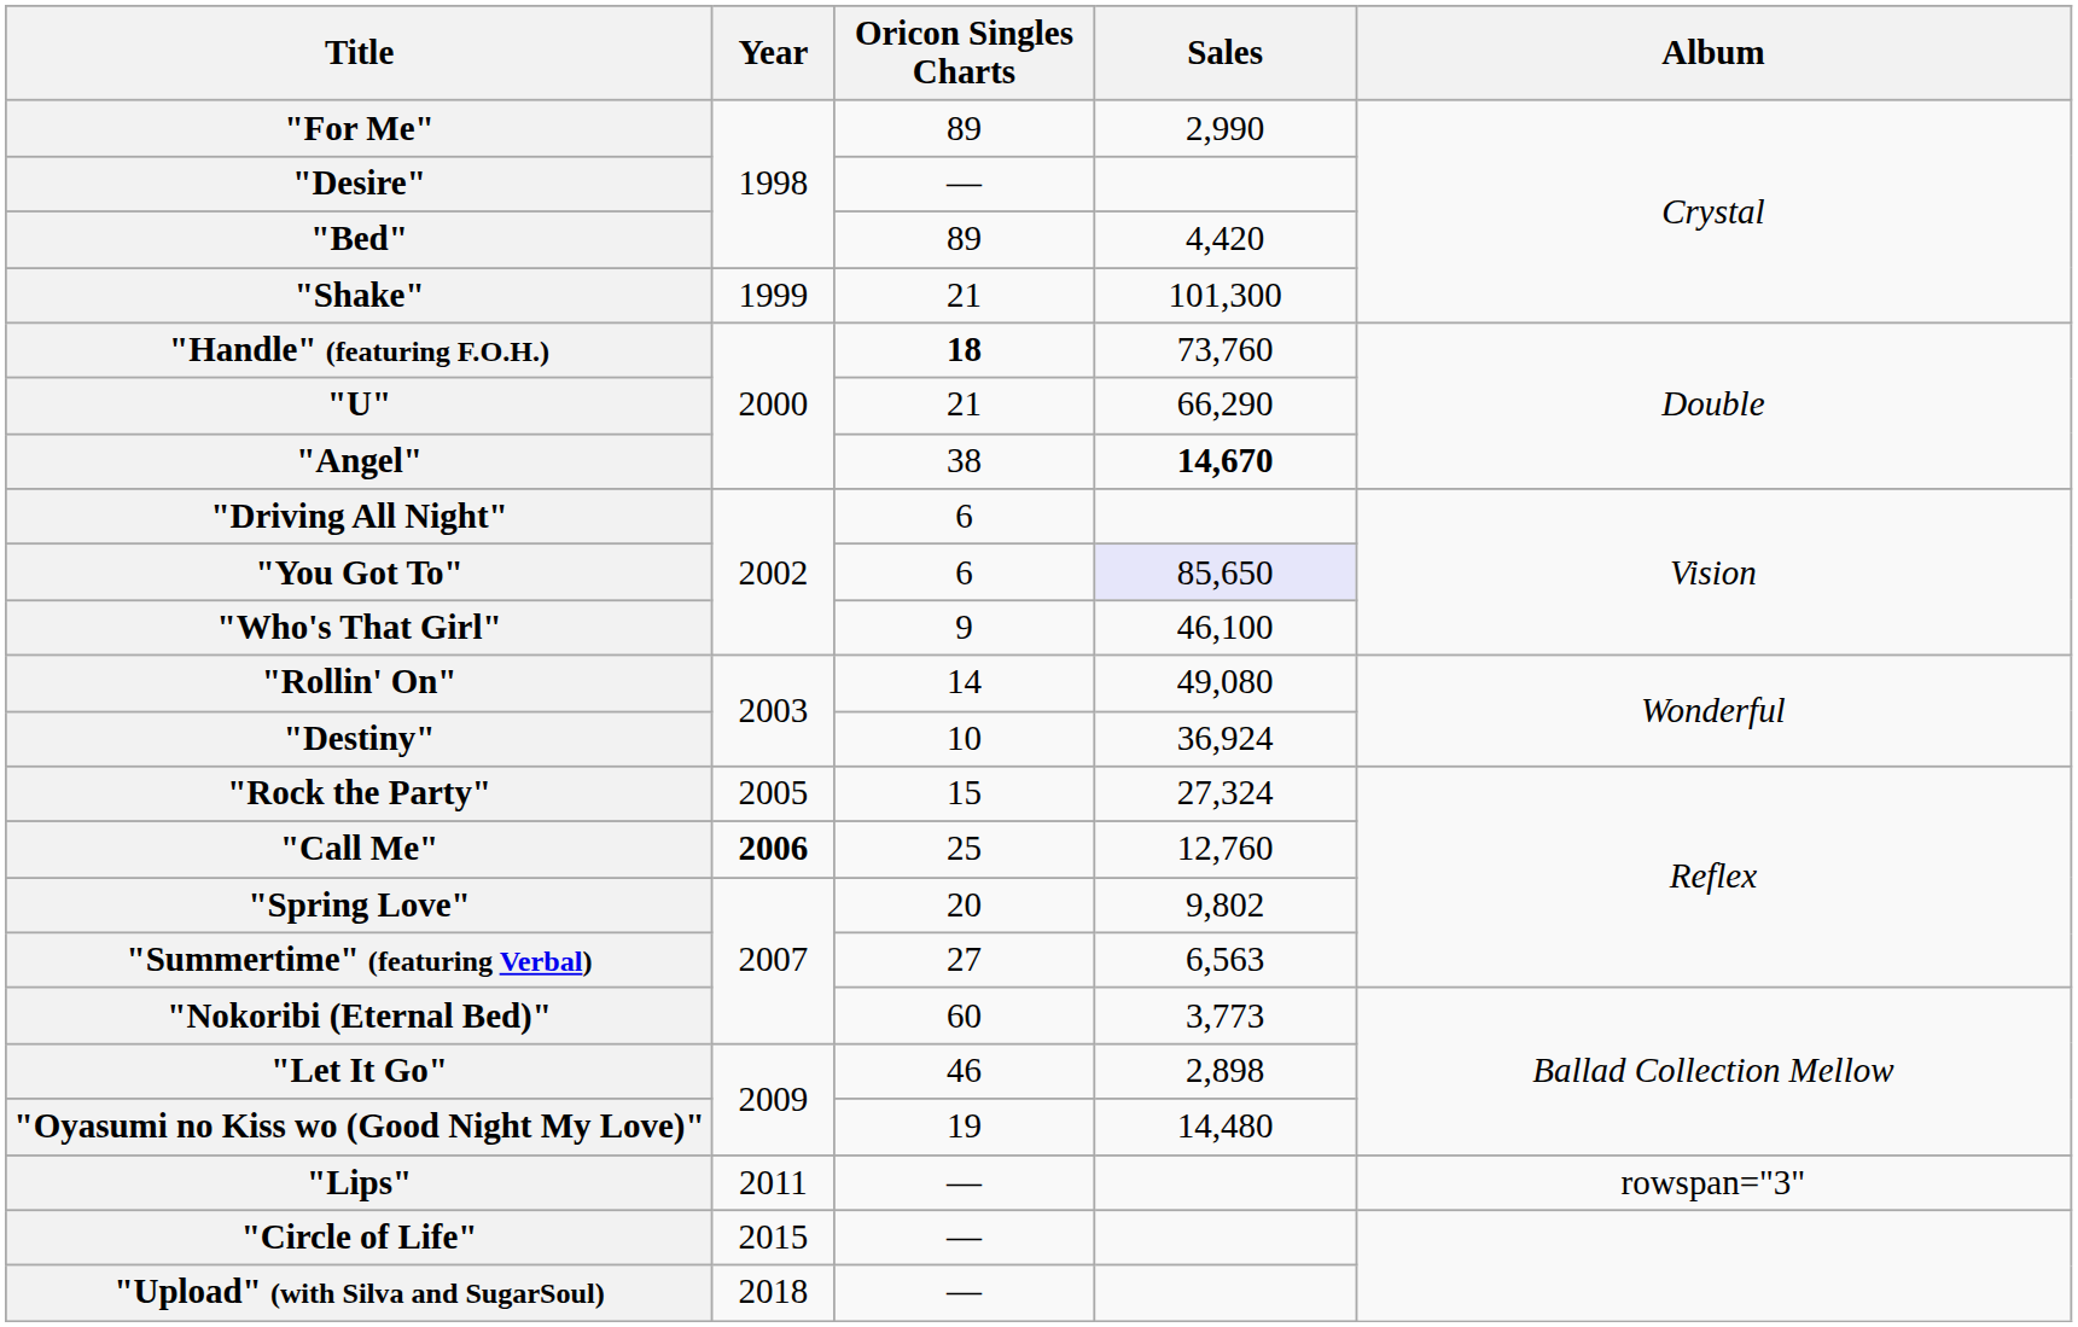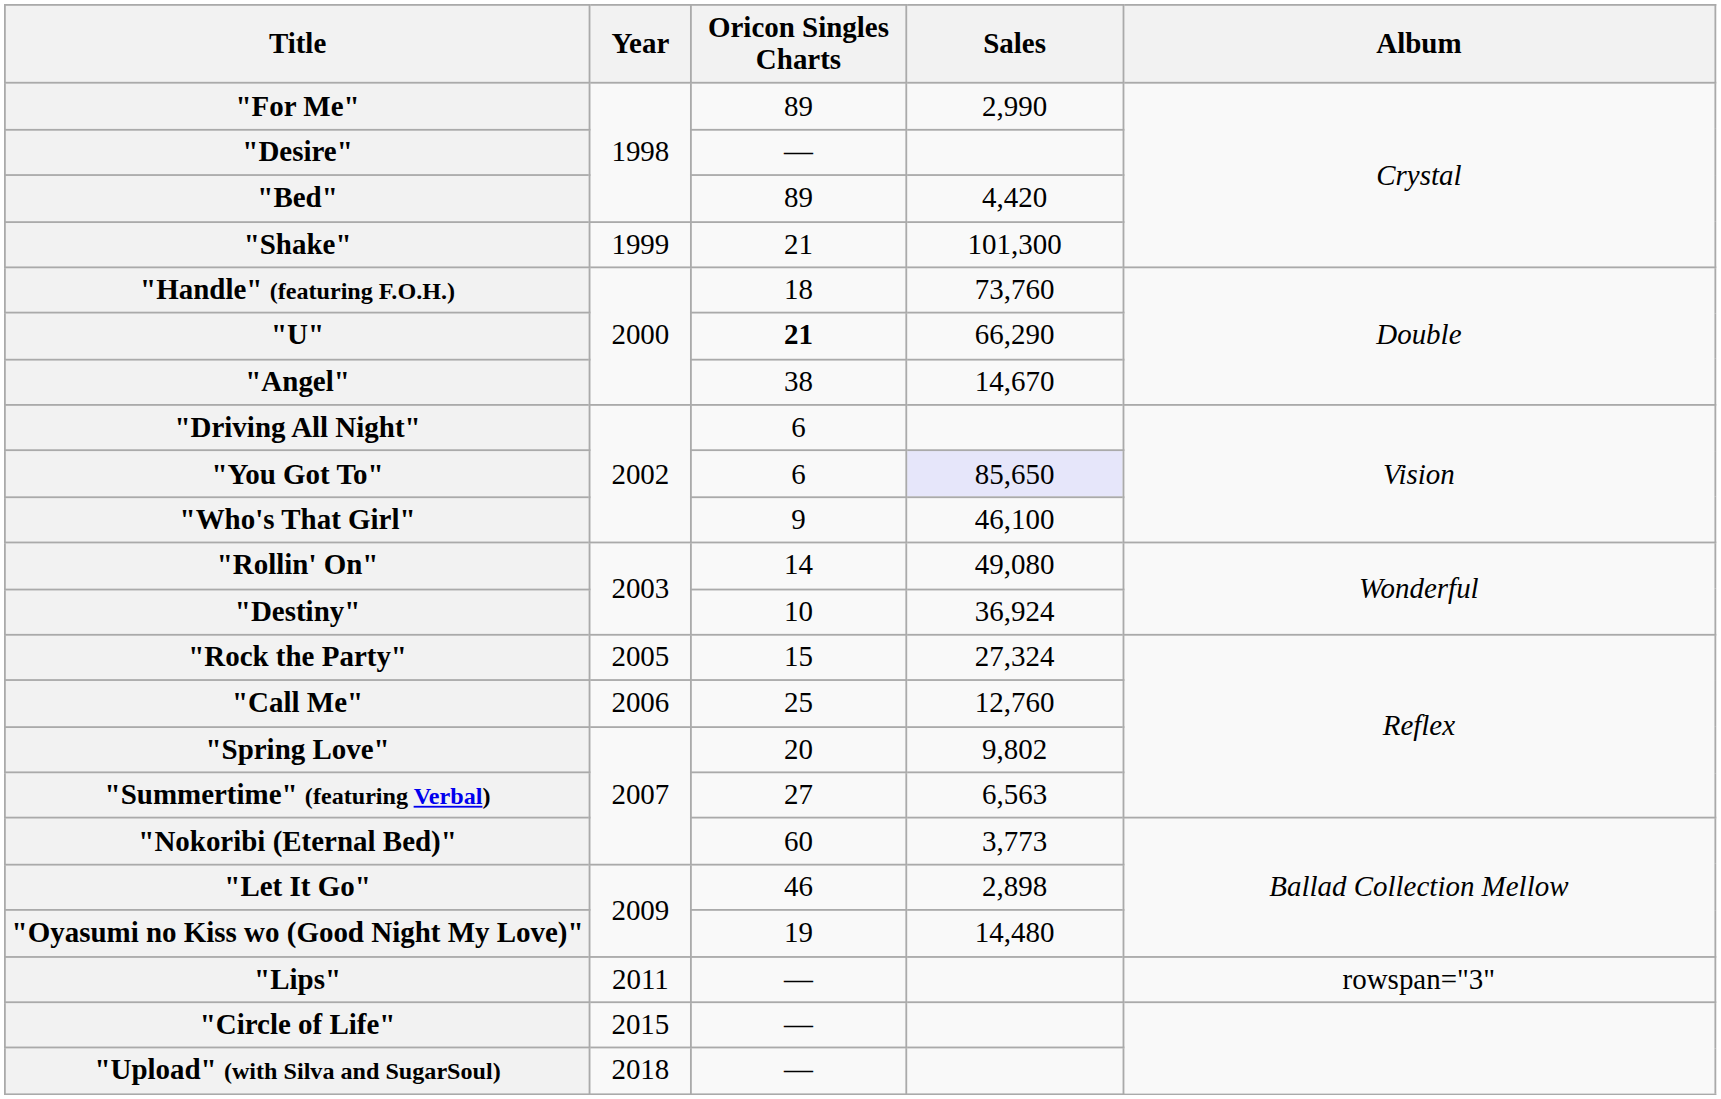 <table class="wikitable plainrowheaders" style="text-align:center;">
 <tr>
 <th scope="col" rowspan="1">Title</th>
 <th scope="col" rowspan="1" style="width:3em;">Year</th>
 <th scope="col" rowspan="1" style="width:7em;">Oricon Singles Charts </th>
 <th scope="col" rowspan="1" style="width:7em;">Sales</th>
 <th scope="col" rowspan="1" style="width:20em;">Album</th>
 </tr>
 <tr>
 <th scope="row">"For Me"</th>
 <td rowspan="3">1998</td>
 <td>89</td>
 <td>2,990</td>
 <td rowspan="4"><em>Crystal</em></td>
 </tr>
 <tr>
 <th scope="row">"Desire"</th>
 <td>—</td>
 <td></td>
 </tr>
 <tr>
 <th scope="row">"Bed"</th>
 <td>89</td>
 <td>4,420</td>
 </tr>
 <tr>
 <th scope="row">"Shake"</th>
 <td rowspan="1">1999</td>
 <td>21</td>
 <td>101,300</td>
 </tr>
 <tr>
 <th scope="row">"Handle" <small>(featuring F.O.H.)</small></th>
 <td rowspan="3">2000</td>
-<td><strong>18</strong></td>
+<td>18</td>
 <td>73,760</td>
 <td rowspan="3"><em>Double</em></td>
 </tr>
 <tr>
 <th scope="row">"U"</th>
-<td>21</td>
+<td><strong>21</strong></td>
 <td>66,290</td>
 </tr>
 <tr>
 <th scope="row">"Angel"</th>
 <td>38</td>
-<td><strong>14,670</strong></td>
+<td>14,670</td>
 </tr>
 <tr>
 <th scope="row">"Driving All Night"</th>
 <td rowspan="3">2002</td>
 <td>6</td>
 <td></td>
 <td rowspan="3"><em>Vision</em></td>
 </tr>
 <tr>
 <th scope="row">"You Got To"</th>
 <td>6</td>
 <td style="background: lavender;">85,650</td>
 </tr>
 <tr>
 <th scope="row">"Who's That Girl"</th>
 <td>9</td>
 <td>46,100</td>
 </tr>
 <tr>
 <th scope="row">"Rollin' On"</th>
 <td rowspan="2">2003</td>
 <td>14</td>
 <td>49,080</td>
 <td rowspan="2"><em>Wonderful</em></td>
 </tr>
 <tr>
 <th scope="row">"Destiny"</th>
 <td>10</td>
 <td>36,924</td>
 </tr>
 <tr>
 <th scope="row">"Rock the Party"</th>
 <td rowspan="1">2005</td>
 <td>15</td>
 <td>27,324</td>
 <td rowspan="4"><em>Reflex</em></td>
 </tr>
 <tr>
 <th scope="row">"Call Me"</th>
-<td rowspan="1"><strong>2006</strong></td>
+<td rowspan="1">2006</td>
 <td>25</td>
 <td>12,760</td>
 </tr>
 <tr>
 <th scope="row">"Spring Love"</th>
 <td rowspan="3">2007</td>
 <td>20</td>
 <td>9,802</td>
 </tr>
 <tr>
 <th scope="row">"Summertime" <small>(featuring <a href='#'>Verbal</a>)</small></th>
 <td>27</td>
 <td>6,563</td>
 </tr>
 <tr>
 <th scope="row">"Nokoribi (Eternal Bed)"</th>
 <td>60</td>
 <td>3,773</td>
 <td rowspan="3"><em>Ballad Collection Mellow</em></td>
 </tr>
 <tr>
 <th scope="row">"Let It Go"</th>
 <td rowspan="2">2009</td>
 <td>46</td>
 <td>2,898</td>
 </tr>
 <tr>
 <th scope="row">"Oyasumi no Kiss wo (Good Night My Love)"</th>
 <td>19</td>
 <td>14,480</td>
 </tr>
 <tr>
 <th scope="row">"Lips"</th>
 <td rowspan="1">2011</td>
 <td>—</td>
 <td></td>
 <td>rowspan="3" </td>
 </tr>
 <tr>
 <th scope="row">"Circle of Life"</th>
 <td rowspan="1">2015</td>
 <td>—</td>
 <td></td>
 </tr>
 <tr>
 <th scope="row">"Upload" <small>(with Silva and SugarSoul)</small></th>
 <td rowspan="1">2018</td>
 <td>—</td>
 <td></td>
 </tr>
 <tr>
 </tr>
 </table>
